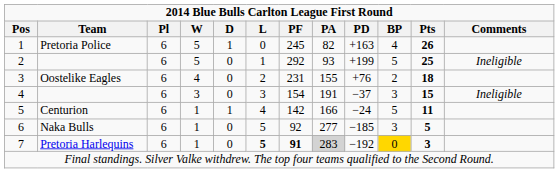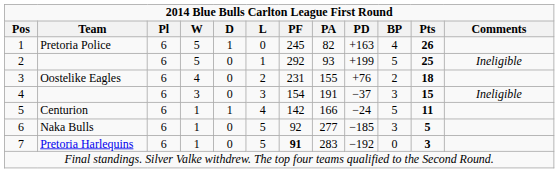 <table class="wikitable"  style="text-align:center; line-height:90%; font-size:90%; width:75%;">
 <tr>
 <td colspan=12><strong>2014 Blue Bulls Carlton League First Round</strong></td>
 </tr>
 <tr>
 <th style="width:6%;">Pos</th>
 <th style="width:20%;">Team</th>
 <th style="width:6%;">Pl</th>
 <th style="width:6%;">W</th>
 <th style="width:6%;">D</th>
 <th style="width:6%;">L</th>
 <th style="width:6%;">PF</th>
 <th style="width:6%;">PA</th>
 <th style="width:6%;">PD</th>
 <th style="width:6%;">BP</th>
 <th style="width:6%;">Pts</th>
 <th style="width:20%;">Comments<br></th>
 </tr>
 <tr>
 <td>1</td>
 <td style="text-align:left;">Pretoria Police</td>
 <td>6</td>
 <td>5</td>
 <td>1</td>
 <td>0</td>
 <td>245</td>
 <td>82</td>
 <td>+163</td>
 <td>4</td>
 <td><strong>26</strong></td>
 <td></td>
 </tr>
 <tr>
 <td>2</td>
 <td style="text-align:left;"></td>
 <td>6</td>
 <td>5</td>
 <td>0</td>
 <td>1</td>
 <td>292</td>
 <td>93</td>
 <td>+199</td>
 <td>5</td>
 <td><strong>25</strong></td>
 <td><em>Ineligible</em></td>
 </tr>
 <tr>
 <td>3</td>
 <td style="text-align:left;">Oostelike Eagles</td>
 <td>6</td>
 <td>4</td>
 <td>0</td>
 <td>2</td>
 <td>231</td>
 <td>155</td>
 <td>+76</td>
 <td>2</td>
 <td><strong>18</strong></td>
 <td></td>
 </tr>
 <tr>
 <td>4</td>
 <td style="text-align:left;"></td>
 <td>6</td>
 <td>3</td>
 <td>0</td>
 <td>3</td>
 <td>154</td>
 <td>191</td>
 <td>−37</td>
 <td>3</td>
 <td><strong>15</strong></td>
 <td><em>Ineligible</em></td>
 </tr>
 <tr>
 <td>5</td>
 <td style="text-align:left;">Centurion</td>
 <td>6</td>
 <td>1</td>
 <td>1</td>
 <td>4</td>
 <td>142</td>
 <td>166</td>
 <td>−24</td>
 <td>5</td>
 <td><strong>11</strong></td>
 <td></td>
 </tr>
 <tr>
 <td>6</td>
 <td style="text-align:left;">Naka Bulls</td>
 <td>6</td>
 <td>1</td>
 <td>0</td>
 <td>5</td>
 <td>92</td>
 <td>277</td>
 <td>−185</td>
 <td>3</td>
 <td><strong>5</strong></td>
 <td></td>
 </tr>
 <tr>
 <td>7</td>
 <td style="text-align:left;"><a href='#'>Pretoria Harlequins</a></td>
 <td>6</td>
 <td>1</td>
 <td>0</td>
-<td><strong>5</strong></td>
+<td>5</td>
 <td><strong>91</strong></td>
-<td style="background: lightgrey;">283</td>
+<td>283</td>
 <td>−192</td>
-<td style="background: gold;">0</td>
+<td>0</td>
 <td><strong>3</strong></td>
 <td></td>
 </tr>
 <tr>
 <td colspan=12><em>Final standings. Silver Valke withdrew. The top four teams qualified to the Second Round.</em></td>
 </tr>
 </table>
